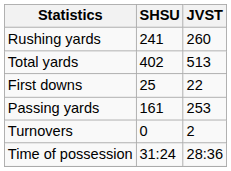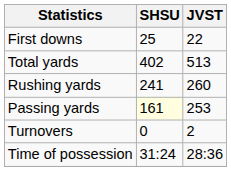 <table class="wikitable">
 <tr>
 <th>Statistics</th>
 <th>SHSU</th>
 <th>JVST</th>
 </tr>
 <tr>
-<td>Rushing yards</td>
-<td>241</td>
-<td>260</td>
+<td>First downs</td>
+<td>25</td>
+<td>22</td>
 </tr>
 <tr>
 <td>Total yards</td>
 <td>402</td>
 <td>513</td>
 </tr>
 <tr>
-<td>First downs</td>
-<td>25</td>
-<td>22</td>
+<td>Rushing yards</td>
+<td>241</td>
+<td>260</td>
 </tr>
 <tr>
 <td>Passing yards</td>
-<td>161</td>
+<td style="background: lightyellow;">161</td>
 <td>253</td>
 </tr>
 <tr>
 <td>Turnovers</td>
 <td>0</td>
 <td>2</td>
 </tr>
 <tr>
 <td>Time of possession</td>
 <td>31:24</td>
 <td>28:36</td>
 </tr>
 <tr>
 </tr>
 </table>
